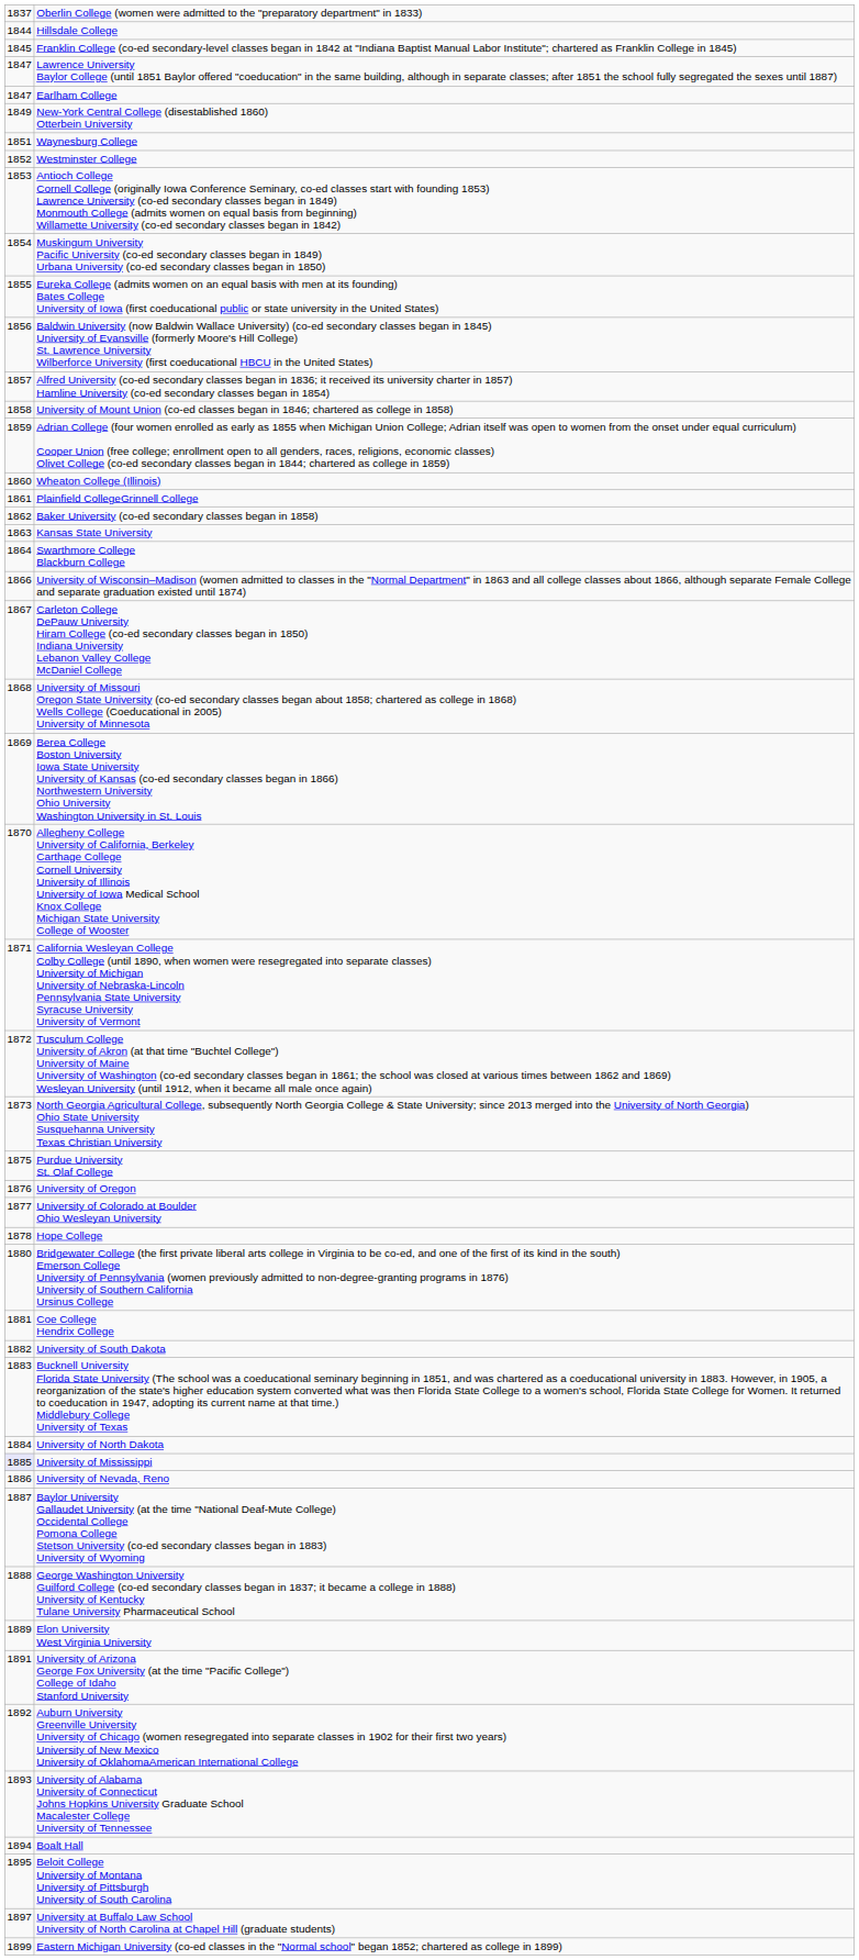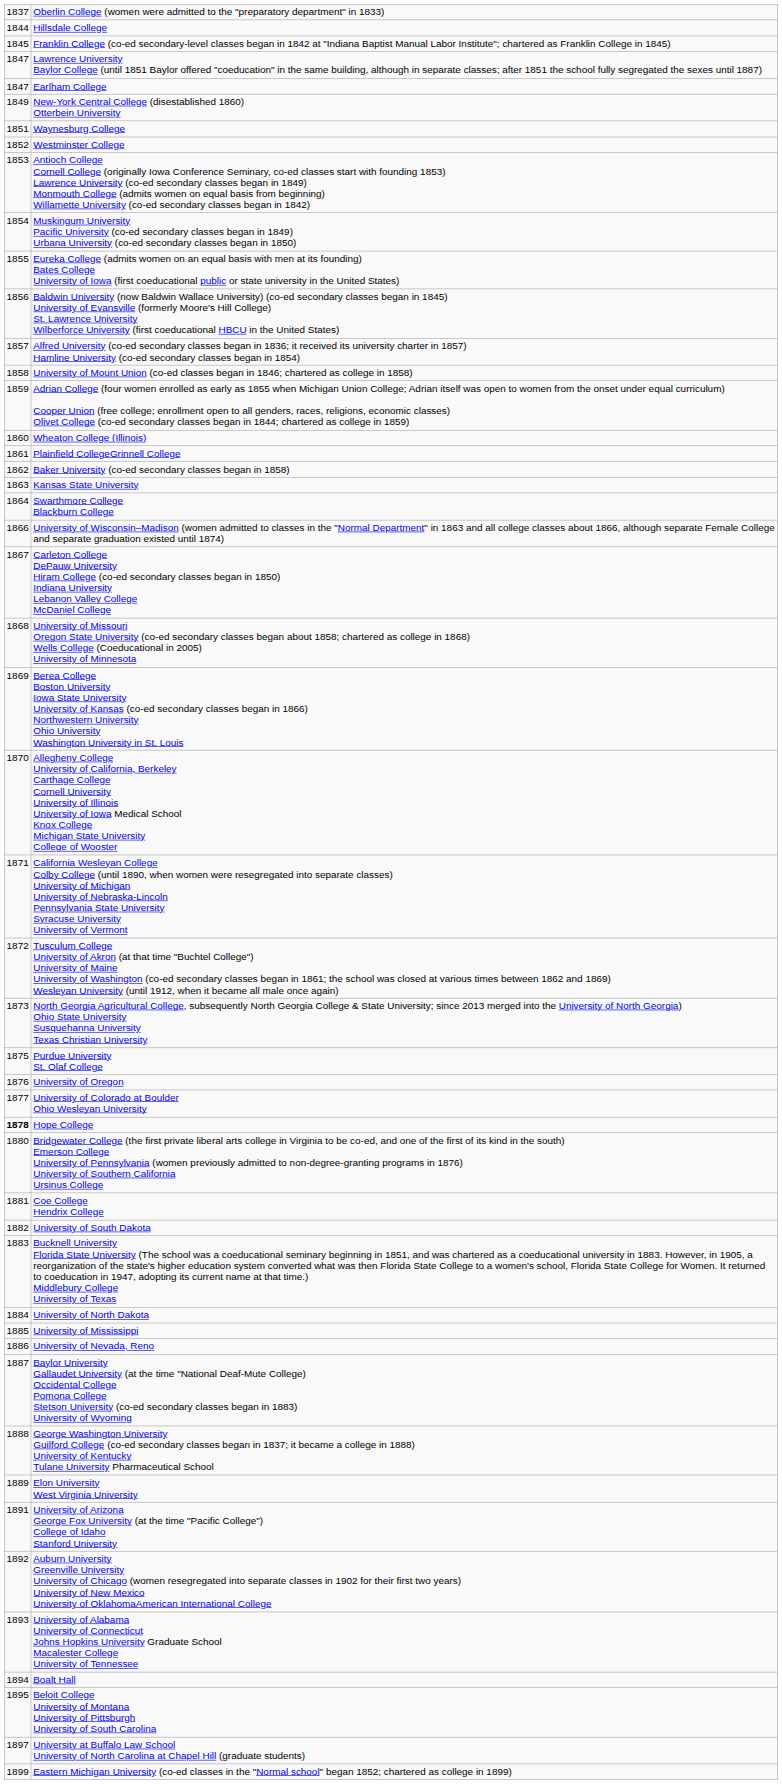 <table class="wikitable">
 <tr>
 <td>1837</td>
 <td><a href='#'>Oberlin College</a> (women were admitted to the "preparatory department" in 1833)</td>
 </tr>
 <tr valign="top" halign="left">
 <td>1844</td>
 <td><a href='#'>Hillsdale College</a></td>
 </tr>
 <tr valign="top" halign="left">
 <td>1845</td>
 <td><a href='#'>Franklin College</a> (co-ed secondary-level classes began in 1842 at "Indiana Baptist Manual Labor Institute"; chartered as Franklin College in 1845)</td>
 </tr>
 <tr valign="top" halign="left">
 <td>1847</td>
 <td><a href='#'>Lawrence University</a><br><a href='#'>Baylor College</a> (until 1851 Baylor offered "coeducation" in the same building, although in separate classes; after 1851 the school fully segregated the sexes until 1887)</td>
 </tr>
 <tr valign="top" halign="left">
 <td>1847</td>
 <td><a href='#'>Earlham College</a></td>
 </tr>
 <tr valign="top" halign="left">
 <td>1849</td>
 <td><a href='#'>New-York Central College</a> (disestablished 1860)<br><a href='#'>Otterbein University</a></td>
 </tr>
 <tr valign="top" halign="left">
 <td>1851</td>
 <td><a href='#'>Waynesburg College</a></td>
 </tr>
 <tr valign="top" halign="left">
 <td>1852</td>
 <td><a href='#'>Westminster College</a></td>
 </tr>
 <tr valign="top" halign="left">
 <td>1853</td>
 <td><a href='#'>Antioch College</a><br><a href='#'>Cornell College</a> (originally Iowa Conference Seminary, co-ed classes start with founding 1853)<br><a href='#'>Lawrence University</a> (co-ed secondary classes began in 1849)<br><a href='#'>Monmouth College</a> (admits women on equal basis from beginning)<br><a href='#'>Willamette University</a> (co-ed secondary classes began in 1842)</td>
 </tr>
 <tr valign="top" halign="left">
 <td>1854</td>
 <td><a href='#'>Muskingum University</a><br><a href='#'>Pacific University</a> (co-ed secondary classes began in 1849)<br><a href='#'>Urbana University</a> (co-ed secondary classes began in 1850)</td>
 </tr>
 <tr valign="top" halign="left">
 <td>1855</td>
 <td><a href='#'>Eureka College</a> (admits women on an equal basis with men at its founding) <br><a href='#'>Bates College</a><br><a href='#'>University of Iowa</a> (first coeducational <a href='#'>public</a> or state university in the United States)</td>
 </tr>
 <tr valign="top" halign="left">
 <td>1856</td>
 <td><a href='#'>Baldwin University</a> (now Baldwin Wallace University) (co-ed secondary classes began in 1845)<br><a href='#'>University of Evansville</a> (formerly Moore's Hill College)<br><a href='#'>St. Lawrence University</a> <br> <a href='#'>Wilberforce University</a> (first coeducational <a href='#'>HBCU</a> in the United States)</td>
 </tr>
 <tr valign="top" halign="left">
 <td>1857</td>
 <td><a href='#'>Alfred University</a> (co-ed secondary classes began in 1836; it received its university charter in 1857)<br><a href='#'>Hamline University</a> (co-ed secondary classes began in 1854)</td>
 </tr>
 <tr valign="top" halign="left">
 <td>1858</td>
 <td><a href='#'>University of Mount Union</a> (co-ed classes began in 1846; chartered as college in 1858)</td>
 </tr>
 <tr valign="top" halign="left">
 <td>1859</td>
 <td><a href='#'>Adrian College</a> (four women enrolled as early as 1855 when Michigan Union College; Adrian itself was open to women from the onset under equal curriculum) <br><br><a href='#'>Cooper Union</a> (free college; enrollment open to all genders, races, religions, economic classes)  <br> <a href='#'>Olivet College</a> (co-ed secondary classes began in 1844; chartered as college in 1859)</td>
 </tr>
 <tr>
 <td>1860</td>
 <td><a href='#'>Wheaton College (Illinois)</a></td>
 </tr>
 <tr>
 <td>1861</td>
 <td><a href='#'>Plainfield College</a><a href='#'>Grinnell College</a></td>
 </tr>
 <tr valign="top" halign="left">
 <td>1862</td>
 <td><a href='#'>Baker University</a> (co-ed secondary classes began in 1858)</td>
 </tr>
 <tr valign="top" halign="left">
 <td>1863</td>
 <td><a href='#'>Kansas State University</a></td>
 </tr>
 <tr valign="top" halign="left">
 <td>1864</td>
 <td><a href='#'>Swarthmore College</a><br><a href='#'>Blackburn College</a></td>
 </tr>
 <tr valign="top" halign="left">
 <td>1866</td>
 <td><a href='#'>University of Wisconsin–Madison</a> (women admitted to classes in the "<a href='#'>Normal Department</a>" in 1863 and all college classes about 1866, although separate Female College and separate graduation existed until 1874)</td>
 </tr>
 <tr valign="top" halign="left">
 <td>1867</td>
 <td><a href='#'>Carleton College</a><br><a href='#'>DePauw University</a><br><a href='#'>Hiram College</a> (co-ed secondary classes began in 1850)<br><a href='#'>Indiana University</a><br><a href='#'>Lebanon Valley College</a><br><a href='#'>McDaniel College</a></td>
 </tr>
 <tr valign="top" halign="left">
 <td>1868</td>
 <td><a href='#'>University of Missouri</a><br><a href='#'>Oregon State University</a> (co-ed secondary classes began about 1858; chartered as college in 1868)<br><a href='#'>Wells College</a> (Coeducational in 2005)<br><a href='#'>University of Minnesota</a></td>
 </tr>
 <tr valign="top" halign="left">
 <td>1869</td>
 <td><a href='#'>Berea College</a> <br><a href='#'>Boston University</a>  <br><a href='#'>Iowa State University</a> <br><a href='#'>University of Kansas</a> (co-ed secondary classes began in 1866)<br><a href='#'>Northwestern University</a><br><a href='#'>Ohio University</a>  <br><a href='#'>Washington University in St. Louis</a></td>
 </tr>
 <tr valign="top" halign="left">
 <td>1870</td>
 <td><a href='#'>Allegheny College</a> <br> <a href='#'>University of California, Berkeley</a><br><a href='#'>Carthage College</a><br><a href='#'>Cornell University</a><br><a href='#'>University of Illinois</a> <br><a href='#'>University of Iowa</a> Medical School<br><a href='#'>Knox College</a><br><a href='#'>Michigan State University</a><br><a href='#'>College of Wooster</a></td>
 </tr>
 <tr valign="top" halign="left">
 <td>1871</td>
 <td><a href='#'>California Wesleyan College</a><br><a href='#'>Colby College</a> (until 1890, when women were resegregated into separate classes)<br><a href='#'>University of Michigan</a><br> <a href='#'>University of Nebraska-Lincoln</a> <br><a href='#'>Pennsylvania State University</a><br><a href='#'>Syracuse University</a><br><a href='#'>University of Vermont</a></td>
 </tr>
 <tr valign="top" halign="left">
 <td>1872</td>
 <td><a href='#'>Tusculum College</a><br><a href='#'>University of Akron</a> (at that time "Buchtel College")<br><a href='#'>University of Maine</a><br><a href='#'>University of Washington</a> (co-ed secondary classes began in 1861; the school was closed at various times between 1862 and 1869)<br><a href='#'>Wesleyan University</a> (until 1912, when it became all male once again)</td>
 </tr>
 <tr valign="top" halign="left">
 <td>1873</td>
 <td><a href='#'>North Georgia Agricultural College</a>, subsequently North Georgia College & State University; since 2013 merged into the <a href='#'>University of North Georgia</a>) <br><a href='#'>Ohio State University</a> <br> <a href='#'>Susquehanna University</a>  <br><a href='#'>Texas Christian University</a></td>
 </tr>
 <tr valign="top" halign="left">
 <td>1875</td>
 <td><a href='#'>Purdue University</a> <br><a href='#'>St. Olaf College</a></td>
 </tr>
 <tr valign="top" halign="left">
 <td>1876</td>
 <td><a href='#'>University of Oregon</a></td>
 </tr>
 <tr valign="top" halign="left">
 <td>1877</td>
 <td><a href='#'>University of Colorado at Boulder</a><br><a href='#'>Ohio Wesleyan University</a></td>
 </tr>
 <tr valign="top" halign="left">
-<td>1878</td>
+<td><strong>1878</strong></td>
 <td><a href='#'>Hope College</a></td>
 </tr>
 <tr valign="top" halign="left">
 <td>1880</td>
 <td><a href='#'>Bridgewater College</a> (the first private liberal arts college in Virginia to be co-ed, and one of the first of its kind in the south)<br><a href='#'>Emerson College</a><br><a href='#'>University of Pennsylvania</a> (women previously admitted to non-degree-granting programs in 1876)<br><a href='#'>University of Southern California</a> <br> <a href='#'>Ursinus College</a></td>
 </tr>
 <tr valign="top" halign="left">
 <td>1881</td>
 <td><a href='#'>Coe College</a><br> <a href='#'>Hendrix College</a></td>
 </tr>
 <tr valign="top" halign="left">
 <td>1882</td>
 <td><a href='#'>University of South Dakota</a></td>
 </tr>
 <tr valign="top" halign="left">
 <td>1883</td>
 <td><a href='#'>Bucknell University</a> <br> <a href='#'>Florida State University</a> (The school was a coeducational seminary beginning in 1851, and was chartered as a coeducational university in 1883. However, in 1905, a reorganization of the state's higher education system converted what was then Florida State College to a women's school, Florida State College for Women. It returned to coeducation in 1947, adopting its current name at that time.) <br><a href='#'>Middlebury College</a><br><a href='#'>University of Texas</a></td>
 </tr>
 <tr valign="top" halign="left">
 <td>1884</td>
 <td><a href='#'>University of North Dakota</a></td>
 </tr>
 <tr valign="top" halign="left">
-<td style="background: lavender;">1885</td>
+<td>1885</td>
 <td><a href='#'>University of Mississippi</a></td>
 </tr>
 <tr valign="top" halign="left">
 <td>1886</td>
 <td><a href='#'>University of Nevada, Reno</a></td>
 </tr>
 <tr valign="top" halign="left">
 <td>1887</td>
 <td><a href='#'>Baylor University</a><br><a href='#'>Gallaudet University</a> (at the time "National Deaf-Mute College) <br><a href='#'>Occidental College</a><br><a href='#'>Pomona College</a><br><a href='#'>Stetson University</a> (co-ed secondary classes began in 1883)<br><a href='#'>University of Wyoming</a></td>
 </tr>
 <tr valign="top" halign="left">
 <td>1888</td>
 <td><a href='#'>George Washington University</a> <br> <a href='#'>Guilford College</a> (co-ed secondary classes began in 1837; it became a college in 1888)<br> <a href='#'>University of Kentucky</a> <br><a href='#'>Tulane University</a> Pharmaceutical School</td>
 </tr>
 <tr valign="top" halign="left">
 <td>1889</td>
 <td><a href='#'>Elon University</a><br><a href='#'>West Virginia University</a></td>
 </tr>
 <tr valign="top" halign="left">
 <td>1891</td>
 <td><a href='#'>University of Arizona</a><br> <a href='#'>George Fox University</a> (at the time "Pacific College")<br> <a href='#'>College of Idaho</a><br> <a href='#'>Stanford University</a></td>
 </tr>
 <tr valign="top" halign="left">
 <td>1892</td>
 <td><a href='#'>Auburn University</a><br><a href='#'>Greenville University</a><br><a href='#'>University of Chicago</a> (women resegregated into separate classes in 1902 for their first two years) <br><a href='#'>University of New Mexico</a> <br><a href='#'>University of Oklahoma</a><a href='#'>American International College</a></td>
 </tr>
 <tr valign="top" halign="left">
 <td>1893</td>
 <td><a href='#'>University of Alabama</a> <br> <a href='#'>University of Connecticut</a> <br> <a href='#'>Johns Hopkins University</a> Graduate School <br> <a href='#'>Macalester College</a> <br> <a href='#'>University of Tennessee</a></td>
 </tr>
 <tr valign="top" halign="left">
 <td>1894</td>
 <td><a href='#'>Boalt Hall</a></td>
 </tr>
 <tr valign="top" halign="left">
 <td>1895</td>
 <td><a href='#'>Beloit College</a><br><a href='#'>University of Montana</a><br><a href='#'>University of Pittsburgh</a><br> <a href='#'>University of South Carolina</a></td>
 </tr>
 <tr valign="top" halign="left">
 <td>1897</td>
 <td><a href='#'>University at Buffalo Law School</a><br> <a href='#'>University of North Carolina at Chapel Hill</a> (graduate students)</td>
 </tr>
 <tr valign="top" halign="left">
 <td>1899</td>
 <td><a href='#'>Eastern Michigan University</a> (co-ed classes in the "<a href='#'>Normal school</a>" began 1852; chartered as college in 1899)</td>
 </tr>
 </table>
